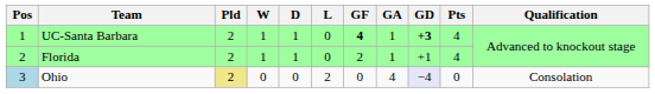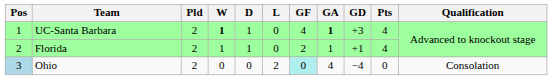 <table class="wikitable" style="text-align:center; margin: 1em auto">
 <tr>
 <th style="width:2em">Pos</th>
 <th style="width:13em">Team</th>
 <th style="width:2em">Pld</th>
 <th style="width:2em">W</th>
 <th style="width:2em">D</th>
 <th style="width:2em">L</th>
 <th style="width:2em">GF</th>
 <th style="width:2em">GA</th>
 <th style="width:2em">GD</th>
 <th style="width:2em">Pts</th>
 <th style="width:13em">Qualification</th>
 </tr>
 <tr bgcolor="#9eff9e">
 <td>1</td>
 <td style="text-align:left">UC-Santa Barbara</td>
 <td>2</td>
-<td>1</td>
+<td><strong>1</strong></td>
 <td>1</td>
 <td>0</td>
-<td><strong>4</strong></td>
-<td>1</td>
-<td><strong>+3</strong></td>
+<td>4</td>
+<td><strong>1</strong></td>
+<td>+3</td>
 <td>4</td>
 <td rowspan="2">Advanced to knockout stage</td>
 </tr>
 <tr bgcolor="#9eff9e">
 <td>2</td>
 <td style="text-align:left">Florida</td>
 <td>2</td>
 <td>1</td>
 <td>1</td>
 <td>0</td>
 <td>2</td>
 <td>1</td>
 <td>+1</td>
 <td>4</td>
 </tr>
 <tr>
 <td style="background: lightblue;">3</td>
 <td style="text-align:left">Ohio</td>
-<td style="background: khaki;">2</td>
+<td>2</td>
 <td>0</td>
 <td>0</td>
 <td>2</td>
-<td>0</td>
+<td style="background: paleturquoise;">0</td>
 <td>4</td>
-<td style="background: lavender;">−4</td>
+<td>−4</td>
 <td>0</td>
 <td>Consolation</td>
 </tr>
 </table>
